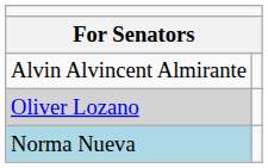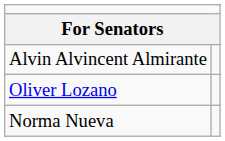 <table class=wikitable style="font-size:90%">
 <tr>
 <td colspan=4 bgcolor=></td>
 </tr>
 <tr>
 <th colspan=5>For Senators</th>
 </tr>
 <tr>
 <td>Alvin Alvincent Almirante</td>
 <td></td>
 </tr>
 <tr>
-<td style="background: lightgrey;"><a href='#'>Oliver Lozano</a></td>
+<td><a href='#'>Oliver Lozano</a></td>
 <td></td>
 </tr>
 <tr>
-<td style="background: lightblue;">Norma Nueva</td>
+<td>Norma Nueva</td>
 <td></td>
 </tr>
 </table>
